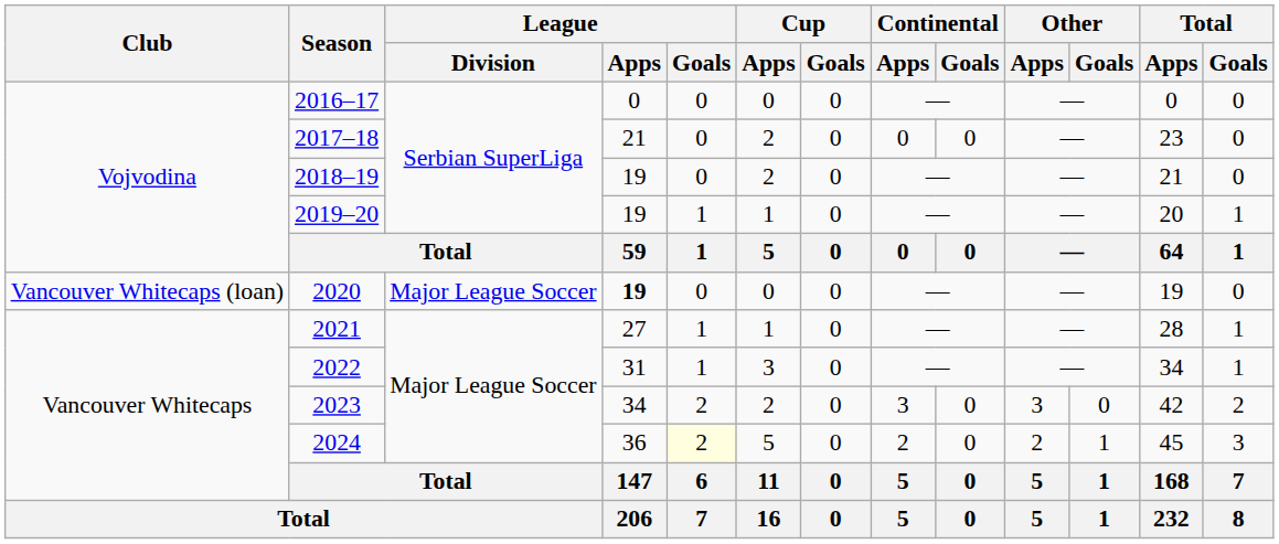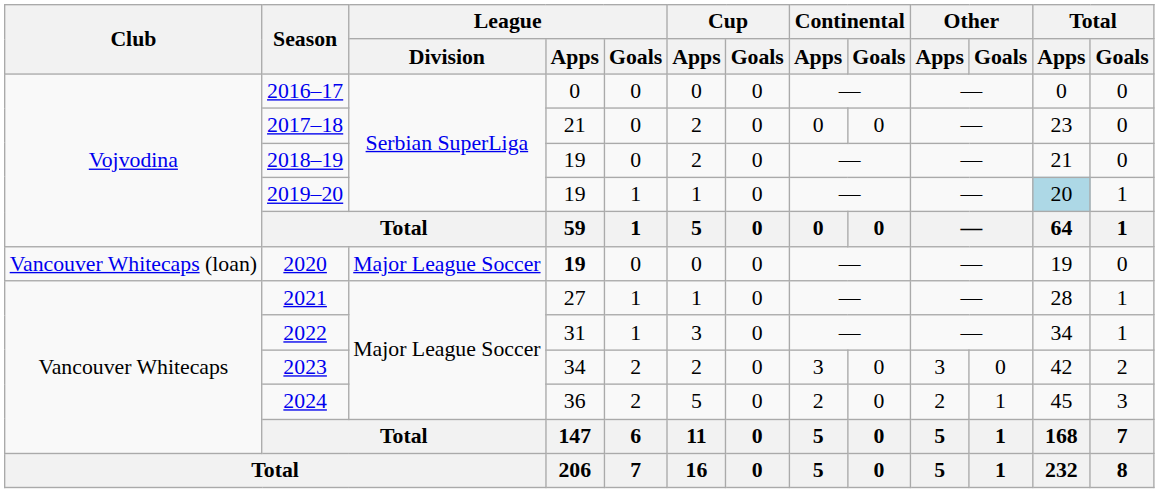 <table class="wikitable" style="text-align:center">
 <tr>
 <th rowspan="2">Club</th>
 <th rowspan="2">Season</th>
 <th colspan="3">League</th>
 <th colspan="2">Cup</th>
 <th colspan="2">Continental</th>
 <th colspan="2">Other</th>
 <th colspan="2">Total</th>
 </tr>
 <tr>
 <th>Division</th>
 <th>Apps</th>
 <th>Goals</th>
 <th>Apps</th>
 <th>Goals</th>
 <th>Apps</th>
 <th>Goals</th>
 <th>Apps</th>
 <th>Goals</th>
 <th>Apps</th>
 <th>Goals</th>
 </tr>
 <tr>
 <td rowspan="5"><a href='#'>Vojvodina</a></td>
 <td><a href='#'>2016–17</a></td>
 <td rowspan=4><a href='#'>Serbian SuperLiga</a></td>
 <td>0</td>
 <td>0</td>
 <td>0</td>
 <td>0</td>
 <td colspan="2">—</td>
 <td colspan="2">—</td>
 <td>0</td>
 <td>0</td>
 </tr>
 <tr>
 <td><a href='#'>2017–18</a></td>
 <td>21</td>
 <td>0</td>
 <td>2</td>
 <td>0</td>
 <td>0</td>
 <td>0</td>
 <td colspan="2">—</td>
 <td>23</td>
 <td>0</td>
 </tr>
 <tr>
 <td><a href='#'>2018–19</a></td>
 <td>19</td>
 <td>0</td>
 <td>2</td>
 <td>0</td>
 <td colspan="2">—</td>
 <td colspan="2">—</td>
 <td>21</td>
 <td>0</td>
 </tr>
 <tr>
 <td><a href='#'>2019–20</a></td>
 <td>19</td>
 <td>1</td>
 <td>1</td>
 <td>0</td>
 <td colspan="2">—</td>
 <td colspan="2">—</td>
-<td>20</td>
+<td style="background: lightblue;">20</td>
 <td>1</td>
 </tr>
 <tr>
 <th colspan="2">Total</th>
 <th>59</th>
 <th>1</th>
 <th>5</th>
 <th>0</th>
 <th>0</th>
 <th>0</th>
 <th colspan="2">—</th>
 <th>64</th>
 <th>1</th>
 </tr>
 <tr>
 <td><a href='#'>Vancouver Whitecaps</a> (loan)</td>
 <td><a href='#'>2020</a></td>
 <td><a href='#'>Major League Soccer</a></td>
 <td><strong>19</strong></td>
 <td>0</td>
 <td>0</td>
 <td>0</td>
 <td colspan="2">—</td>
 <td colspan="2">—</td>
 <td>19</td>
 <td>0</td>
 </tr>
 <tr>
 <td rowspan="5">Vancouver Whitecaps</td>
 <td><a href='#'>2021</a></td>
 <td rowspan="4">Major League Soccer</td>
 <td>27</td>
 <td>1</td>
 <td>1</td>
 <td>0</td>
 <td colspan="2">—</td>
 <td colspan="2">—</td>
 <td>28</td>
 <td>1</td>
 </tr>
 <tr>
 <td><a href='#'>2022</a></td>
 <td>31</td>
 <td>1</td>
 <td>3</td>
 <td>0</td>
 <td colspan="2">—</td>
 <td colspan="2">—</td>
 <td>34</td>
 <td>1</td>
 </tr>
 <tr>
 <td><a href='#'>2023</a></td>
 <td>34</td>
 <td>2</td>
 <td>2</td>
 <td>0</td>
 <td>3</td>
 <td>0</td>
 <td>3</td>
 <td>0</td>
 <td>42</td>
 <td>2</td>
 </tr>
 <tr>
 <td><a href='#'>2024</a></td>
 <td>36</td>
-<td style="background: lightyellow;">2</td>
+<td>2</td>
 <td>5</td>
 <td>0</td>
 <td>2</td>
 <td>0</td>
 <td>2</td>
 <td>1</td>
 <td>45</td>
 <td>3</td>
 </tr>
 <tr>
 <th colspan="2">Total</th>
 <th>147</th>
 <th>6</th>
 <th>11</th>
 <th>0</th>
 <th>5</th>
 <th>0</th>
 <th>5</th>
 <th>1</th>
 <th>168</th>
 <th>7</th>
 </tr>
 <tr>
 <th colspan="3">Total</th>
 <th>206</th>
 <th>7</th>
 <th>16</th>
 <th>0</th>
 <th>5</th>
 <th>0</th>
 <th>5</th>
 <th>1</th>
 <th>232</th>
 <th>8</th>
 </tr>
 </table>
